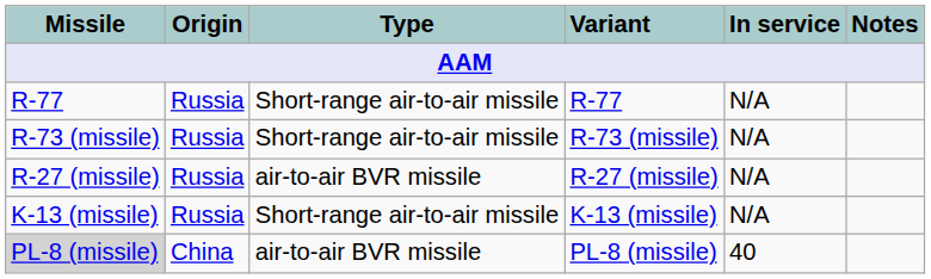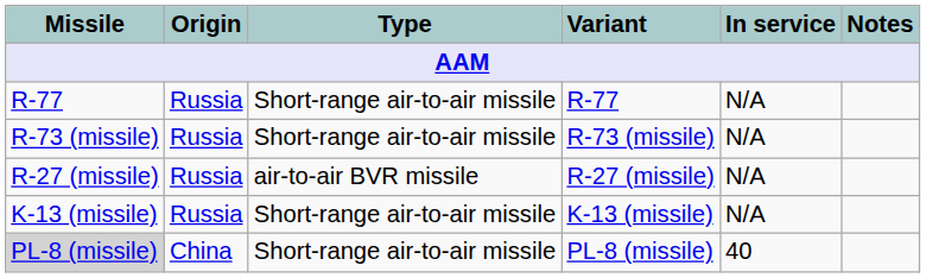 <table class="wikitable">
 <tr>
 <th style="text-align:center; background:#acc;">Missile</th>
 <th style="text-align: center; background:#acc;">Origin</th>
 <th style="text-align:l center; background:#acc;">Type</th>
 <th style="text-align:left; background:#acc;">Variant</th>
 <th style="text-align:center; background:#acc;">In service</th>
 <th style="text-align: center; background:#acc;">Notes</th>
 </tr>
 <tr>
 <th style="align: center; background: lavender;" colspan="7"><a href='#'>AAM</a></th>
 </tr>
 <tr>
 <td><a href='#'>R-77</a></td>
 <td><a href='#'>Russia</a></td>
 <td>Short-range air-to-air missile</td>
 <td><a href='#'>R-77</a></td>
 <td>N/A</td>
 <td></td>
 </tr>
 <tr>
 <td><a href='#'>R-73 (missile)</a></td>
 <td><a href='#'>Russia</a></td>
 <td>Short-range air-to-air missile</td>
 <td><a href='#'>R-73 (missile)</a></td>
 <td>N/A</td>
 <td></td>
 </tr>
 <tr>
 <td><a href='#'>R-27 (missile)</a></td>
 <td><a href='#'>Russia</a></td>
 <td>air-to-air BVR missile</td>
 <td><a href='#'>R-27 (missile)</a></td>
 <td>N/A</td>
 <td></td>
 </tr>
 <tr>
 <td><a href='#'>K-13 (missile)</a></td>
 <td><a href='#'>Russia</a></td>
 <td>Short-range air-to-air missile</td>
 <td><a href='#'>K-13 (missile)</a></td>
 <td>N/A</td>
 <td></td>
 </tr>
 <tr>
 <td style="background: lightgrey;"><a href='#'>PL-8 (missile)</a></td>
 <td><a href='#'>China</a></td>
-<td>air-to-air BVR missile</td>
+<td>Short-range air-to-air missile</td>
 <td><a href='#'>PL-8 (missile)</a></td>
 <td>40</td>
 <td></td>
 </tr>
 </table>
